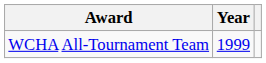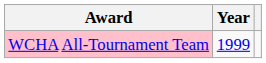 <table class="wikitable">
 <tr>
 <th>Award</th>
 <th>Year</th>
 <th></th>
 </tr>
 <tr>
-<td><a href='#'>WCHA</a> <a href='#'>All-Tournament Team</a></td>
+<td style="background: pink;"><a href='#'>WCHA</a> <a href='#'>All-Tournament Team</a></td>
 <td><a href='#'>1999</a></td>
 <td></td>
 </tr>
 </table>
